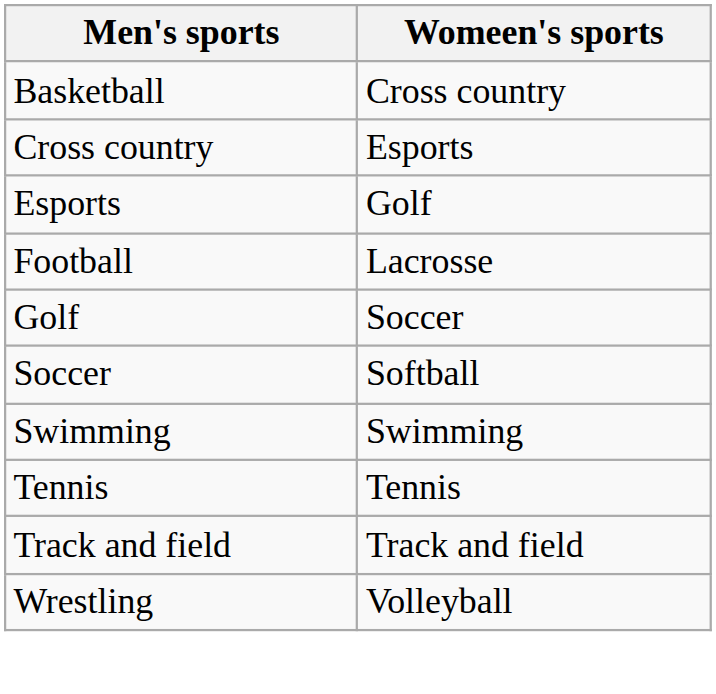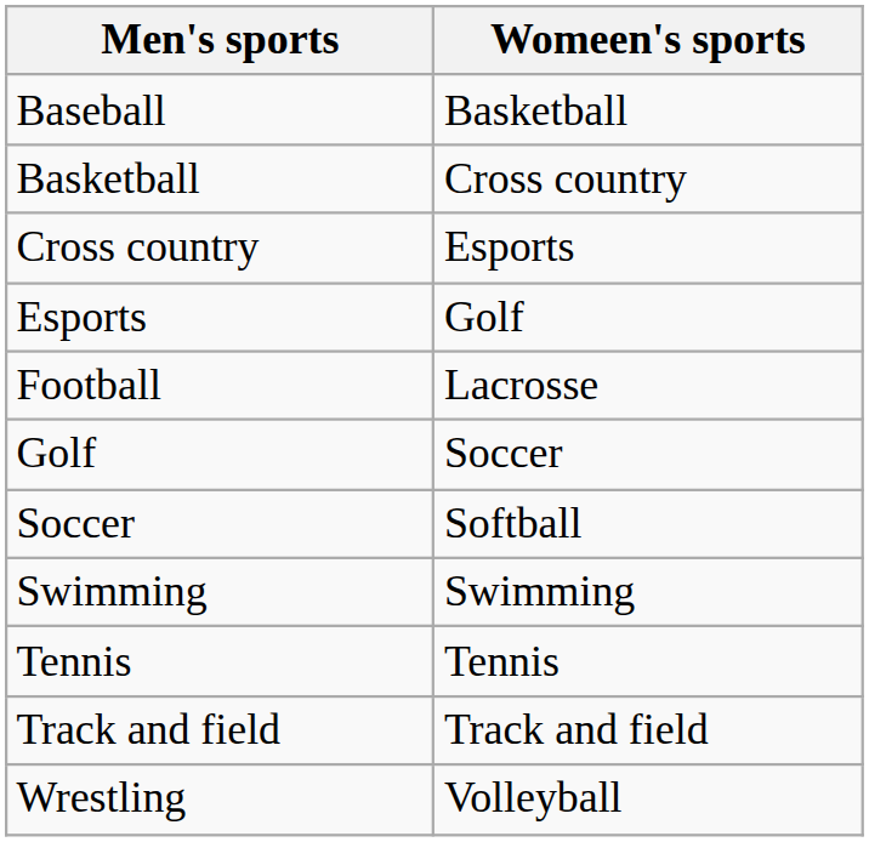 <table class="wikitable"; style= "text-align: ">
 <tr>
 <th width=150px>Men's sports</th>
 <th width=150px>Womeen's sports</th>
+</tr>
+<tr>
+<td>Baseball</td>
+<td>Basketball</td>
 </tr>
 <tr>
 <td>Basketball</td>
 <td>Cross country</td>
 </tr>
 <tr>
 <td>Cross country</td>
 <td>Esports</td>
 </tr>
 <tr>
 <td>Esports</td>
 <td>Golf</td>
 </tr>
 <tr>
 <td>Football</td>
 <td>Lacrosse</td>
 </tr>
 <tr>
 <td>Golf</td>
 <td>Soccer</td>
 </tr>
 <tr>
 <td>Soccer</td>
 <td>Softball</td>
 </tr>
 <tr>
 <td>Swimming</td>
 <td>Swimming</td>
 </tr>
 <tr>
 <td>Tennis</td>
 <td>Tennis</td>
 </tr>
 <tr>
 <td>Track and field</td>
 <td>Track and field</td>
 </tr>
 <tr>
 <td>Wrestling</td>
 <td>Volleyball</td>
 </tr>
 </table>
